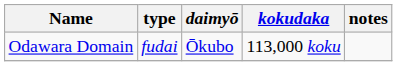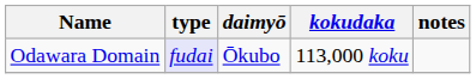 <table class=wikitable>
 <tr>
 <th>Name</th>
 <th>type</th>
 <th><em>daimyō</em></th>
 <th><em><a href='#'>kokudaka</a></em></th>
 <th>notes</th>
 </tr>
 <tr>
 <td><a href='#'>Odawara Domain</a></td>
-<td><em><a href='#'>fudai</a></em></td>
+<td style="background: lavender;"><em><a href='#'>fudai</a></em></td>
 <td><a href='#'>Ōkubo</a></td>
 <td>113,000 <em><a href='#'>koku</a></em></td>
 <td></td>
 </tr>
 <tr>
 </tr>
 </table>
